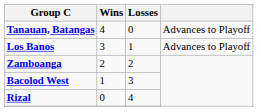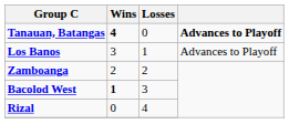 <table class="wikitable">
 <tr align=center>
 <th>Group C</th>
 <th>Wins</th>
 <th>Losses</th>
 <th></th>
 </tr>
 <tr>
 <td><strong><a href='#'>Tanauan, Batangas</a></strong></td>
-<td>4</td>
+<td><strong>4</strong></td>
 <td>0</td>
-<td>Advances to Playoff</td>
+<td><strong>Advances to Playoff</strong></td>
 </tr>
 <tr>
 <td><strong><a href='#'>Los Banos</a></strong></td>
 <td>3</td>
 <td>1</td>
 <td>Advances to Playoff</td>
 </tr>
 <tr>
 <td><strong><a href='#'>Zamboanga</a></strong></td>
 <td>2</td>
 <td>2</td>
 </tr>
 <tr>
 <td><strong><a href='#'>Bacolod West</a></strong></td>
-<td>1</td>
+<td><strong>1</strong></td>
 <td>3</td>
 </tr>
 <tr>
 <td><strong><a href='#'>Rizal</a></strong></td>
 <td>0</td>
 <td>4</td>
 </tr>
 <tr>
 </tr>
 </table>
